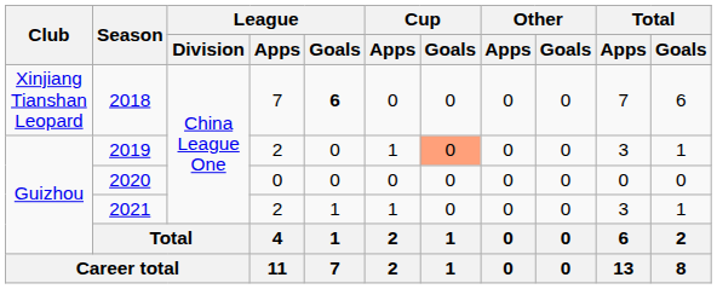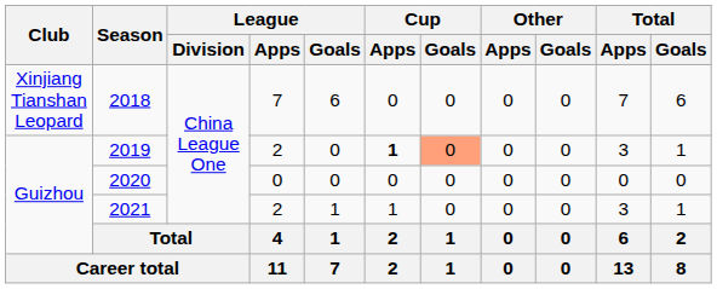 <table class="wikitable" style="text-align: center">
 <tr>
 <th rowspan="2">Club</th>
 <th rowspan="2">Season</th>
 <th colspan="3">League</th>
 <th colspan="2">Cup</th>
 <th colspan="2">Other</th>
 <th colspan="2">Total</th>
 </tr>
 <tr>
 <th>Division</th>
 <th>Apps</th>
 <th>Goals</th>
 <th>Apps</th>
 <th>Goals</th>
 <th>Apps</th>
 <th>Goals</th>
 <th>Apps</th>
 <th>Goals</th>
 </tr>
 <tr>
 <td><a href='#'>Xinjiang Tianshan Leopard</a></td>
 <td><a href='#'>2018</a></td>
 <td rowspan="4"><a href='#'>China League One</a></td>
 <td>7</td>
-<td><strong>6</strong></td>
+<td>6</td>
 <td>0</td>
 <td>0</td>
 <td>0</td>
 <td>0</td>
 <td>7</td>
 <td>6</td>
 </tr>
 <tr>
 <td rowspan="4"><a href='#'>Guizhou</a></td>
 <td><a href='#'>2019</a></td>
 <td>2</td>
 <td>0</td>
-<td>1</td>
+<td><strong>1</strong></td>
 <td style="background: lightsalmon;">0</td>
 <td>0</td>
 <td>0</td>
 <td>3</td>
 <td>1</td>
 </tr>
 <tr>
 <td><a href='#'>2020</a></td>
 <td>0</td>
 <td>0</td>
 <td>0</td>
 <td>0</td>
 <td>0</td>
 <td>0</td>
 <td>0</td>
 <td>0</td>
 </tr>
 <tr>
 <td><a href='#'>2021</a></td>
 <td>2</td>
 <td>1</td>
 <td>1</td>
 <td>0</td>
 <td>0</td>
 <td>0</td>
 <td>3</td>
 <td>1</td>
 </tr>
 <tr>
 <th colspan=2>Total</th>
 <th>4</th>
 <th>1</th>
 <th>2</th>
 <th>1</th>
 <th>0</th>
 <th>0</th>
 <th>6</th>
 <th>2</th>
 </tr>
 <tr>
 <th colspan=3>Career total</th>
 <th>11</th>
 <th>7</th>
 <th>2</th>
 <th>1</th>
 <th>0</th>
 <th>0</th>
 <th>13</th>
 <th>8</th>
 </tr>
 </table>
